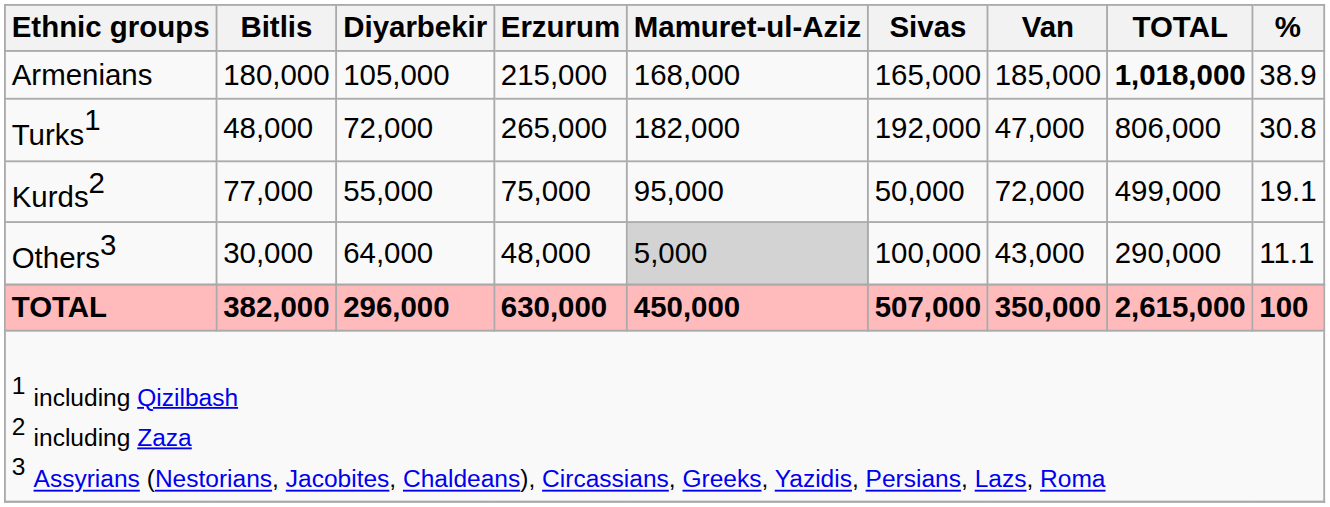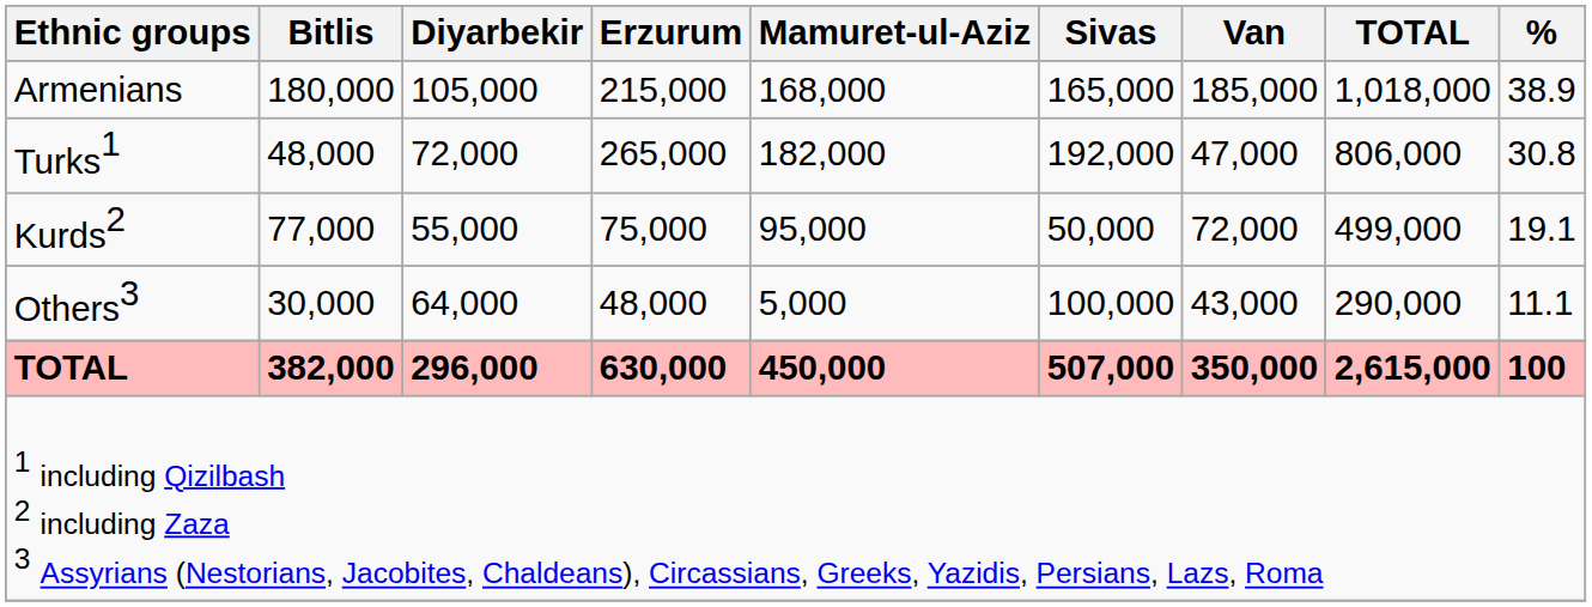 <table class="wikitable">
 <tr>
 <th>Ethnic groups</th>
 <th>Bitlis</th>
 <th>Diyarbekir</th>
 <th>Erzurum</th>
 <th>Mamuret-ul-Aziz</th>
 <th>Sivas</th>
 <th>Van</th>
 <th>TOTAL</th>
 <th>%</th>
 </tr>
 <tr>
 <td>Armenians</td>
 <td>180,000</td>
 <td>105,000</td>
 <td>215,000</td>
 <td>168,000</td>
 <td>165,000</td>
 <td>185,000</td>
-<td><strong>1,018,000</strong></td>
+<td>1,018,000</td>
 <td>38.9</td>
 </tr>
 <tr>
 <td>Turks<big><sup>1</sup></big></td>
 <td>48,000</td>
 <td>72,000</td>
 <td>265,000</td>
 <td>182,000</td>
 <td>192,000</td>
 <td>47,000</td>
 <td>806,000</td>
 <td>30.8</td>
 </tr>
 <tr>
 <td>Kurds<big><sup>2</sup></big></td>
 <td>77,000</td>
 <td>55,000</td>
 <td>75,000</td>
 <td>95,000</td>
 <td>50,000</td>
 <td>72,000</td>
 <td>499,000</td>
 <td>19.1</td>
 </tr>
 <tr>
 <td>Others<big><sup>3</sup></big></td>
 <td>30,000</td>
 <td>64,000</td>
 <td>48,000</td>
-<td style="background: lightgrey;">5,000</td>
+<td>5,000</td>
 <td>100,000</td>
 <td>43,000</td>
 <td>290,000</td>
 <td>11.1</td>
 </tr>
 <tr>
 </tr>
 <tr bgcolor="#FFBBBB">
 <td><strong>TOTAL</strong></td>
 <td><strong>382,000</strong></td>
 <td><strong>296,000</strong></td>
 <td><strong>630,000</strong></td>
 <td><strong>450,000</strong></td>
 <td><strong>507,000</strong></td>
 <td><strong>350,000</strong></td>
 <td><strong>2,615,000</strong></td>
 <td><strong>100</strong></td>
 </tr>
 <tr>
 <td colspan="9"><br><sup>1</sup> <small>including <a href='#'>Qizilbash</a></small> <br>  <sup>2</sup> <small>including  <a href='#'>Zaza</a></small> <br>  <sup>3</sup> <small><a href='#'>Assyrians</a> (<a href='#'>Nestorians</a>, <a href='#'>Jacobites</a>, <a href='#'>Chaldeans</a>), <a href='#'>Circassians</a>, <a href='#'>Greeks</a>, <a href='#'>Yazidis</a>, <a href='#'>Persians</a>, <a href='#'>Lazs</a>, <a href='#'>Roma</a></small></td>
 </tr>
 <tr>
 </tr>
 </table>
